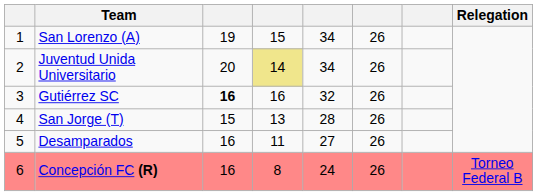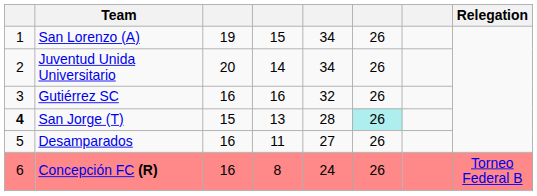 <table class="wikitable" style="text-align: center;">
 <tr>
 <th width=28><br></th>
 <th width=185>Team</th>
 <th width=50></th>
 <th width=50></th>
 <th width=50></th>
 <th width=50></th>
 <th width=50><br></th>
 <th>Relegation</th>
 </tr>
 <tr>
 <td>1</td>
 <td align="left"><a href='#'>San Lorenzo (A)</a></td>
 <td>19</td>
 <td>15</td>
 <td>34</td>
 <td>26</td>
 <td><strong></strong></td>
 </tr>
 <tr>
 <td>2</td>
 <td align="left"><a href='#'>Juventud Unida Universitario</a></td>
 <td>20</td>
-<td style="background: khaki;">14</td>
+<td>14</td>
 <td>34</td>
 <td>26</td>
 <td><strong></strong></td>
 </tr>
 <tr>
 <td>3</td>
 <td align="left"><a href='#'>Gutiérrez SC</a></td>
-<td><strong>16</strong></td>
+<td>16</td>
 <td>16</td>
 <td>32</td>
 <td>26</td>
 <td><strong></strong></td>
 </tr>
 <tr>
-<td>4</td>
+<td><strong>4</strong></td>
 <td align="left"><a href='#'>San Jorge (T)</a></td>
 <td>15</td>
 <td>13</td>
 <td>28</td>
-<td>26</td>
+<td style="background: paleturquoise;">26</td>
 <td><strong></strong></td>
 </tr>
 <tr>
 <td>5</td>
 <td align="left"><a href='#'>Desamparados</a></td>
 <td>16</td>
 <td>11</td>
 <td>27</td>
 <td>26</td>
 <td><strong></strong></td>
 </tr>
 <tr bgcolor=#FF8888>
 <td>6</td>
 <td align="left"><a href='#'>Concepción FC</a> <strong>(R)</strong></td>
 <td>16</td>
 <td>8</td>
 <td>24</td>
 <td>26</td>
 <td><strong></strong></td>
 <td><a href='#'>Torneo Federal B</a></td>
 </tr>
 </table>
